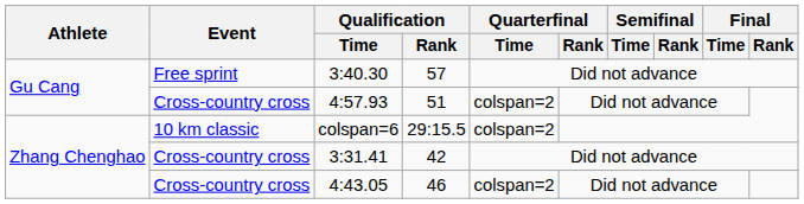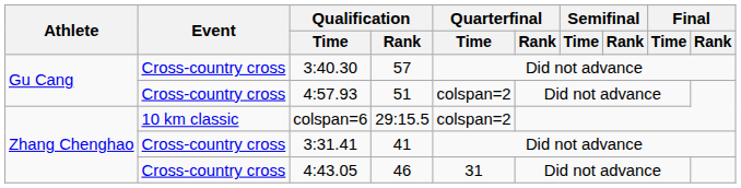 <table class="wikitable" style="font-size:90%">
 <tr>
 <th rowspan="2">Athlete</th>
 <th rowspan="2">Event</th>
 <th colspan="2">Qualification</th>
 <th colspan="2">Quarterfinal</th>
 <th colspan="2">Semifinal</th>
 <th colspan="2">Final</th>
 </tr>
 <tr style="font-size:95%">
 <th>Time</th>
 <th>Rank</th>
 <th>Time</th>
 <th>Rank</th>
 <th>Time</th>
 <th>Rank</th>
 <th>Time</th>
 <th>Rank</th>
 </tr>
 <tr align=center>
 <td align=left rowspan=2><a href='#'>Gu Cang</a></td>
-<td align=left><a href='#'>Free sprint</a></td>
+<td align=left><a href='#'>Cross-country cross</a></td>
 <td>3:40.30</td>
 <td>57</td>
 <td colspan=6>Did not advance</td>
 </tr>
 <tr align=center>
 <td align=left><a href='#'>Cross-country cross</a></td>
 <td>4:57.93</td>
 <td>51</td>
 <td>colspan=2 </td>
 <td colspan=4>Did not advance</td>
 </tr>
 <tr align=center>
 <td align=left rowspan=3><a href='#'>Zhang Chenghao</a></td>
 <td align=left><a href='#'>10 km classic</a></td>
 <td>colspan=6 </td>
 <td>29:15.5</td>
 <td>colspan=2 </td>
 </tr>
 <tr align=center>
 <td align=left><a href='#'>Cross-country cross</a></td>
 <td>3:31.41</td>
-<td>42</td>
+<td>41</td>
 <td colspan=6>Did not advance</td>
 </tr>
 <tr align=center>
 <td align=left><a href='#'>Cross-country cross</a></td>
 <td>4:43.05</td>
 <td>46</td>
-<td>colspan=2 </td>
+<td>31</td>
 <td colspan=4>Did not advance</td>
 </tr>
 </table>
